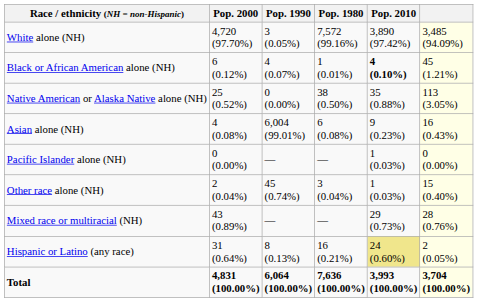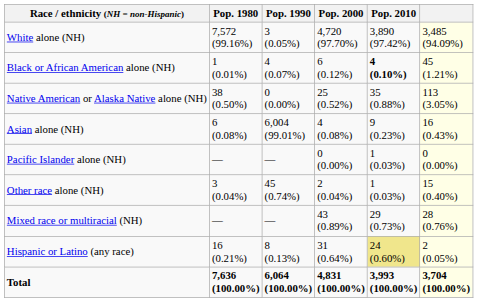 <table class="wikitable sortable collapsible" style="font-size: 95%;">
 <tr>
 <th>Race / ethnicity <small>(<em>NH = non-Hispanic</em>)</small></th>
+<th>Pop. 1980</th>
+<th>Pop. 1990</th>
 <th>Pop. 2000</th>
-<th>Pop. 1990</th>
-<th>Pop. 1980</th>
 <th>Pop. 2010</th>
 <th></th>
 </tr>
 <tr>
 <td><a href='#'>White</a> alone (NH)</td>
+<td>7,572<br>(99.16%)</td>
+<td>3<br>(0.05%)</td>
 <td>4,720<br>(97.70%)</td>
-<td>3<br>(0.05%)</td>
-<td>7,572<br>(99.16%)</td>
 <td>3,890<br>(97.42%)</td>
 <td style='background: #ffffe6;'>3,485<br>(94.09%)</td>
 </tr>
 <tr>
 <td><a href='#'>Black or African American</a> alone (NH)</td>
+<td>1<br>(0.01%)</td>
+<td>4<br>(0.07%)</td>
 <td>6<br>(0.12%)</td>
-<td>4<br>(0.07%)</td>
-<td>1<br>(0.01%)</td>
 <td><strong>4<br>(0.10%)</strong></td>
 <td style='background: #ffffe6;'>45<br>(1.21%)</td>
 </tr>
 <tr>
 <td><a href='#'>Native American</a> or <a href='#'>Alaska Native</a> alone (NH)</td>
+<td>38<br>(0.50%)</td>
+<td>0<br>(0.00%)</td>
 <td>25<br>(0.52%)</td>
-<td>0<br>(0.00%)</td>
-<td>38<br>(0.50%)</td>
 <td>35<br>(0.88%)</td>
 <td style='background: #ffffe6;'>113<br>(3.05%)</td>
 </tr>
 <tr>
 <td><a href='#'>Asian</a> alone (NH)</td>
+<td>6<br>(0.08%)</td>
+<td>6,004<br>(99.01%)</td>
 <td>4<br>(0.08%)</td>
-<td>6,004<br>(99.01%)</td>
-<td>6<br>(0.08%)</td>
 <td>9<br>(0.23%)</td>
 <td style='background: #ffffe6;'>16<br>(0.43%)</td>
 </tr>
 <tr>
 <td><a href='#'>Pacific Islander</a> alone (NH)</td>
-<td>0<br>(0.00%)</td>
 <td>—</td>
 <td>—</td>
+<td>0<br>(0.00%)</td>
 <td>1<br>(0.03%)</td>
 <td style='background: #ffffe6;'>0<br>(0.00%)</td>
 </tr>
 <tr>
 <td><a href='#'>Other race</a> alone (NH)</td>
+<td>3<br>(0.04%)</td>
+<td>45<br>(0.74%)</td>
 <td>2<br>(0.04%)</td>
-<td>45<br>(0.74%)</td>
-<td>3<br>(0.04%)</td>
 <td>1<br>(0.03%)</td>
 <td style='background: #ffffe6;'>15<br>(0.40%)</td>
 </tr>
 <tr>
 <td><a href='#'>Mixed race or multiracial</a> (NH)</td>
-<td>43<br>(0.89%)</td>
 <td>—</td>
 <td>—</td>
+<td>43<br>(0.89%)</td>
 <td>29<br>(0.73%)</td>
 <td style='background: #ffffe6;'>28<br>(0.76%)</td>
 </tr>
 <tr>
 <td><a href='#'>Hispanic or Latino</a> (any race)</td>
+<td>16<br>(0.21%)</td>
+<td>8<br>(0.13%)</td>
 <td>31<br>(0.64%)</td>
-<td>8<br>(0.13%)</td>
-<td>16<br>(0.21%)</td>
 <td style="background: khaki;">24<br>(0.60%)</td>
 <td style='background: #ffffe6;'>2<br>(0.05%)</td>
 </tr>
 <tr>
 <td><strong>Total</strong></td>
+<td><strong>7,636<br>(100.00%)</strong></td>
+<td><strong>6,064<br>(100.00%)</strong></td>
 <td><strong>4,831<br>(100.00%)</strong></td>
-<td><strong>6,064<br>(100.00%)</strong></td>
-<td><strong>7,636<br>(100.00%)</strong></td>
 <td><strong>3,993<br>(100.00%)</strong></td>
 <td style='background: #ffffe6;'><strong>3,704<br>(100.00%)</strong></td>
 </tr>
 </table>
